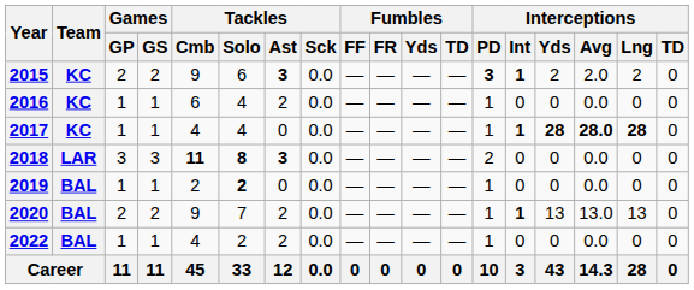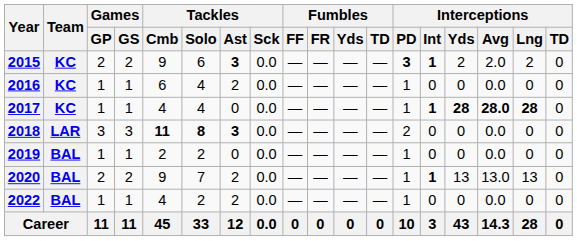 <table class=wikitable style="text-align:center;">
 <tr>
 <th rowspan="2">Year</th>
 <th rowspan="2">Team</th>
 <th colspan="2">Games</th>
 <th colspan="4">Tackles</th>
 <th colspan="4">Fumbles</th>
 <th colspan="6">Interceptions</th>
 </tr>
 <tr>
 <th>GP</th>
 <th>GS</th>
 <th>Cmb</th>
 <th>Solo</th>
 <th>Ast</th>
 <th>Sck</th>
 <th>FF</th>
 <th>FR</th>
 <th>Yds</th>
 <th>TD</th>
 <th>PD</th>
 <th>Int</th>
 <th>Yds</th>
 <th>Avg</th>
 <th>Lng</th>
 <th>TD</th>
 </tr>
 <tr>
 <th><a href='#'>2015</a></th>
 <th><a href='#'>KC</a></th>
 <td>2</td>
 <td>2</td>
 <td>9</td>
 <td>6</td>
 <td><strong>3</strong></td>
 <td>0.0</td>
 <td>—</td>
 <td>—</td>
 <td>—</td>
 <td>—</td>
 <td><strong>3</strong></td>
 <td><strong>1</strong></td>
 <td>2</td>
 <td>2.0</td>
 <td>2</td>
 <td>0</td>
 </tr>
 <tr>
 <th><a href='#'>2016</a></th>
 <th><a href='#'>KC</a></th>
 <td>1</td>
 <td>1</td>
 <td>6</td>
 <td>4</td>
 <td>2</td>
 <td>0.0</td>
 <td>—</td>
 <td>—</td>
 <td>—</td>
 <td>—</td>
 <td>1</td>
 <td>0</td>
 <td>0</td>
 <td>0.0</td>
 <td>0</td>
 <td>0</td>
 </tr>
 <tr>
 <th><a href='#'>2017</a></th>
 <th><a href='#'>KC</a></th>
 <td>1</td>
 <td>1</td>
 <td>4</td>
 <td>4</td>
 <td>0</td>
 <td>0.0</td>
 <td>—</td>
 <td>—</td>
 <td>—</td>
 <td>—</td>
 <td>1</td>
 <td><strong>1</strong></td>
 <td><strong>28</strong></td>
 <td><strong>28.0</strong></td>
 <td><strong>28</strong></td>
 <td>0</td>
 </tr>
 <tr>
 <th><a href='#'>2018</a></th>
 <th><a href='#'>LAR</a></th>
 <td>3</td>
 <td>3</td>
 <td><strong>11</strong></td>
 <td><strong>8</strong></td>
 <td><strong>3</strong></td>
 <td>0.0</td>
 <td>—</td>
 <td>—</td>
 <td>—</td>
 <td>—</td>
 <td>2</td>
 <td>0</td>
 <td>0</td>
 <td>0.0</td>
 <td>0</td>
 <td>0</td>
 </tr>
 <tr>
 <th><a href='#'>2019</a></th>
 <th><a href='#'>BAL</a></th>
 <td>1</td>
 <td>1</td>
 <td>2</td>
-<td><strong>2</strong></td>
+<td>2</td>
 <td>0</td>
 <td>0.0</td>
 <td>—</td>
 <td>—</td>
 <td>—</td>
 <td>—</td>
 <td>1</td>
 <td>0</td>
 <td>0</td>
 <td>0.0</td>
 <td>0</td>
 <td>0</td>
 </tr>
 <tr>
 <th><a href='#'>2020</a></th>
 <th><a href='#'>BAL</a></th>
 <td>2</td>
 <td>2</td>
 <td>9</td>
 <td>7</td>
 <td>2</td>
 <td>0.0</td>
 <td>—</td>
 <td>—</td>
 <td>—</td>
 <td>—</td>
 <td>1</td>
 <td><strong>1</strong></td>
 <td>13</td>
 <td>13.0</td>
 <td>13</td>
 <td>0</td>
 </tr>
 <tr>
 <th><a href='#'>2022</a></th>
 <th><a href='#'>BAL</a></th>
 <td>1</td>
 <td>1</td>
 <td>4</td>
 <td>2</td>
 <td>2</td>
 <td>0.0</td>
 <td>—</td>
 <td>—</td>
 <td>—</td>
 <td>—</td>
 <td>1</td>
 <td>0</td>
 <td>0</td>
 <td>0.0</td>
 <td>0</td>
 <td>0</td>
 </tr>
 <tr>
 <th colspan="2">Career</th>
 <th>11</th>
 <th>11</th>
 <th>45</th>
 <th>33</th>
 <th>12</th>
 <th>0.0</th>
 <th>0</th>
 <th>0</th>
 <th>0</th>
 <th>0</th>
 <th>10</th>
 <th>3</th>
 <th>43</th>
 <th>14.3</th>
 <th>28</th>
 <th>0</th>
 </tr>
 </table>
